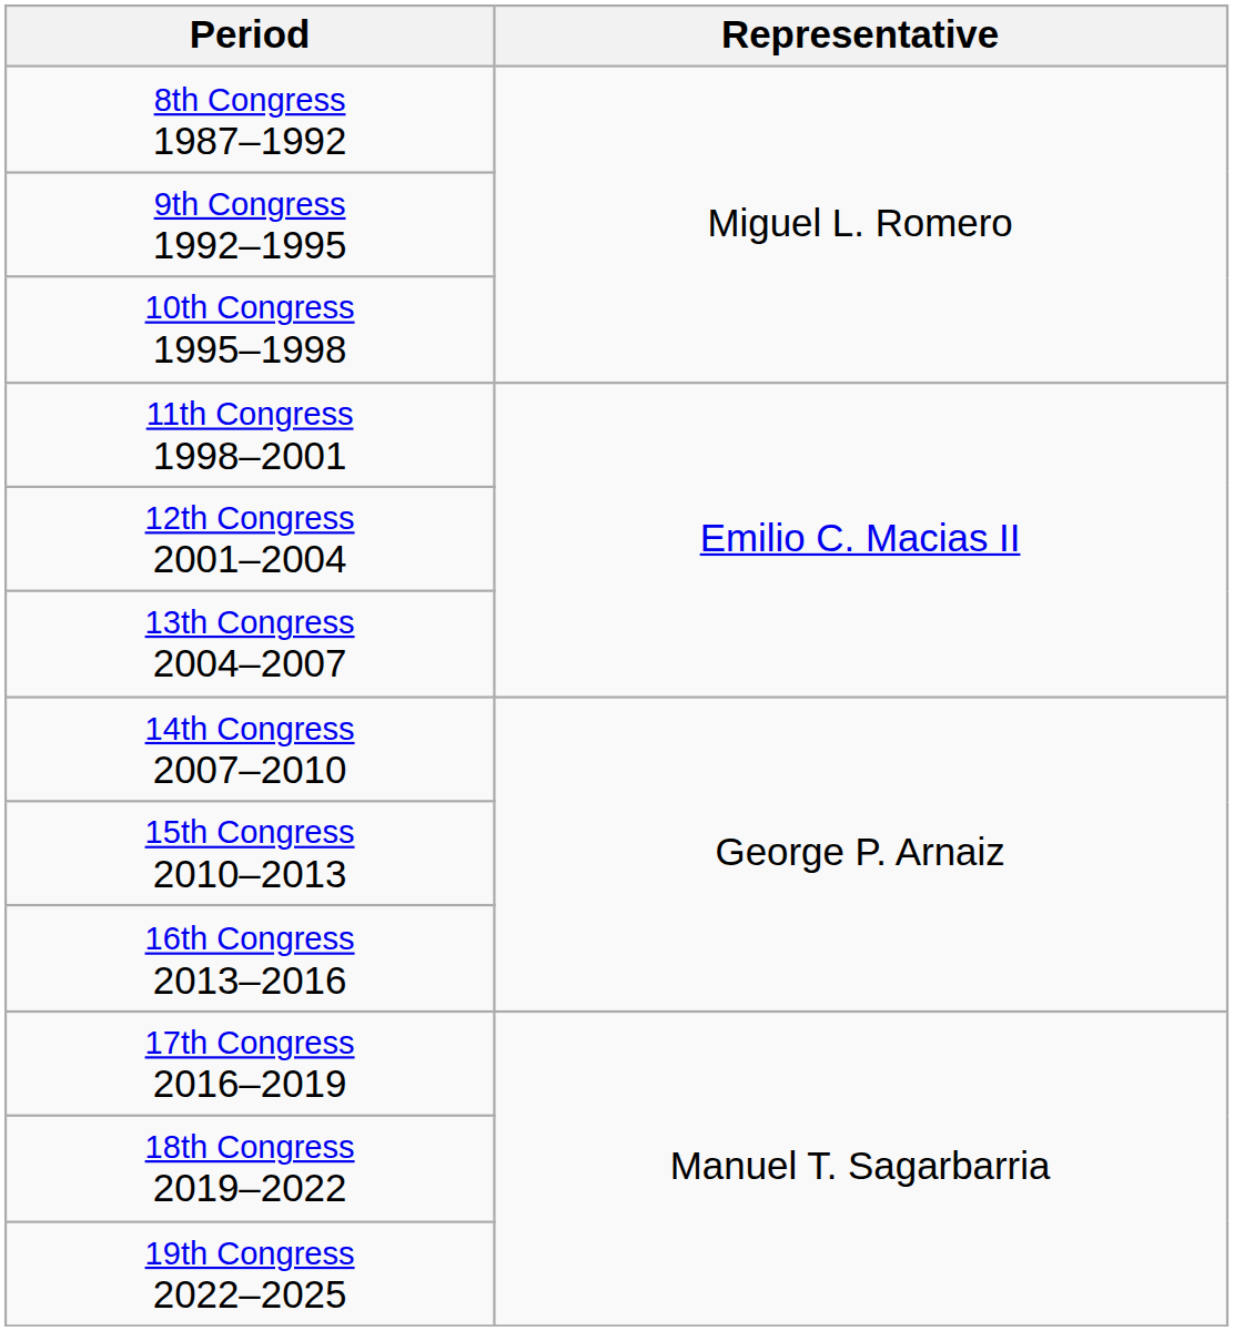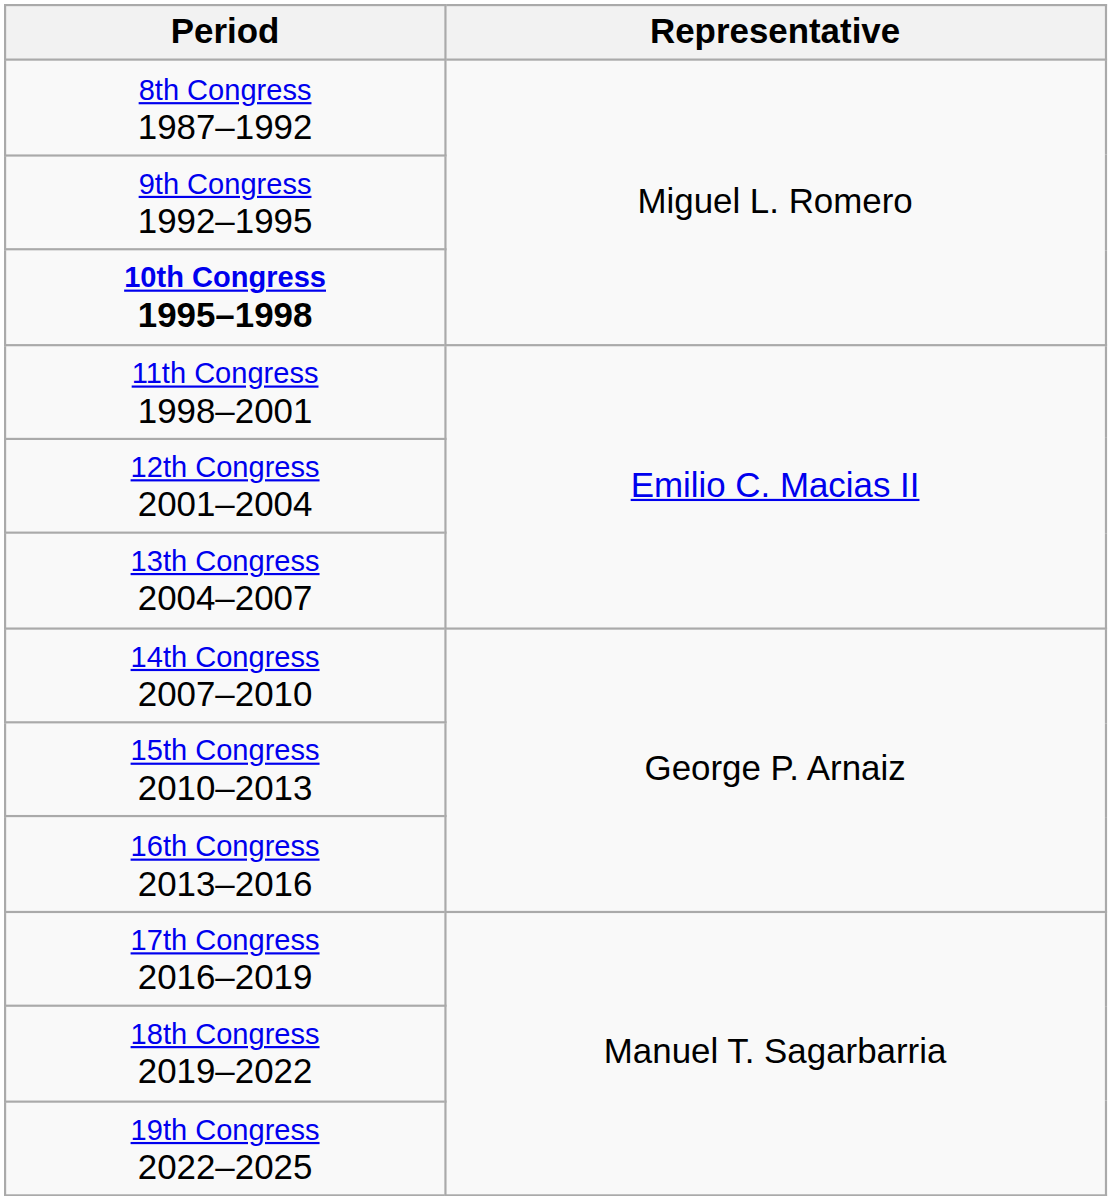 <table class="wikitable" style="text-align:center; width:40%;">
 <tr>
 <th width="40%">Period</th>
 <th>Representative</th>
 </tr>
 <tr>
 <td><small><a href='#'>8th Congress</a></small><br>1987–1992</td>
 <td rowspan="3">Miguel L. Romero</td>
 </tr>
 <tr>
 <td><small><a href='#'>9th Congress</a></small><br>1992–1995</td>
 </tr>
 <tr>
-<td><small><a href='#'>10th Congress</a></small><br>1995–1998</td>
+<td><strong><small><a href='#'>10th Congress</a></small><br>1995–1998</strong></td>
 </tr>
 <tr>
 <td><small><a href='#'>11th Congress</a></small><br>1998–2001</td>
 <td rowspan="3"><a href='#'>Emilio C. Macias II</a></td>
 </tr>
 <tr>
 <td><small><a href='#'>12th Congress</a></small><br>2001–2004</td>
 </tr>
 <tr>
 <td><small><a href='#'>13th Congress</a></small><br>2004–2007</td>
 </tr>
 <tr>
 <td><small><a href='#'>14th Congress</a></small><br>2007–2010</td>
 <td rowspan="3">George P. Arnaiz</td>
 </tr>
 <tr>
 <td><small><a href='#'>15th Congress</a></small><br>2010–2013</td>
 </tr>
 <tr>
 <td><small><a href='#'>16th Congress</a></small><br>2013–2016</td>
 </tr>
 <tr>
 <td><small><a href='#'>17th Congress</a></small><br>2016–2019</td>
 <td rowspan="3">Manuel T. Sagarbarria</td>
 </tr>
 <tr>
 <td><small><a href='#'>18th Congress</a></small><br>2019–2022</td>
 </tr>
 <tr>
 <td><small><a href='#'>19th Congress</a></small><br>2022–2025</td>
 </tr>
 </table>
